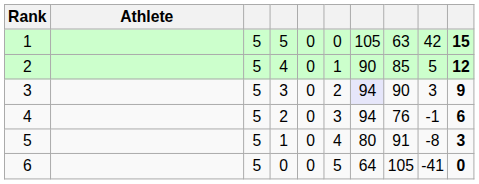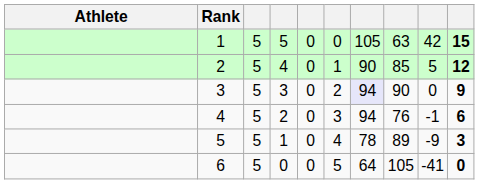 <table class=wikitable style="text-align:center">
 <tr>
+<th width=190>Athlete</th>
 <th width=20>Rank</th>
-<th width=190>Athlete</th>
 <th width=20></th>
 <th width=20></th>
 <th width=20></th>
 <th width=20></th>
 <th width=20></th>
 <th width=20></th>
 <th width=20></th>
 <th width=20></th>
 </tr>
 <tr bgcolor="#ccffcc">
+<td align=left></td>
 <td>1</td>
-<td align=left></td>
 <td>5</td>
 <td>5</td>
 <td>0</td>
 <td>0</td>
 <td>105</td>
 <td>63</td>
 <td>42</td>
 <td><strong>15</strong></td>
 </tr>
 <tr bgcolor="#ccffcc">
+<td align=left></td>
 <td>2</td>
-<td align=left></td>
 <td>5</td>
 <td>4</td>
 <td>0</td>
 <td>1</td>
 <td>90</td>
 <td>85</td>
 <td>5</td>
 <td><strong>12</strong></td>
 </tr>
 <tr>
+<td align=left></td>
 <td>3</td>
-<td align=left></td>
 <td>5</td>
 <td>3</td>
 <td>0</td>
 <td>2</td>
 <td style="background: lavender;">94</td>
 <td>90</td>
-<td>3</td>
+<td>0</td>
 <td><strong>9</strong></td>
 </tr>
 <tr>
+<td align=left></td>
 <td>4</td>
-<td align=left></td>
 <td>5</td>
 <td>2</td>
 <td>0</td>
 <td>3</td>
 <td>94</td>
 <td>76</td>
 <td>-1</td>
 <td><strong>6</strong></td>
 </tr>
 <tr>
+<td align=left></td>
 <td>5</td>
-<td align=left></td>
 <td>5</td>
 <td>1</td>
 <td>0</td>
 <td>4</td>
-<td>80</td>
-<td>91</td>
-<td>-8</td>
+<td>78</td>
+<td>89</td>
+<td>-9</td>
 <td><strong>3</strong></td>
 </tr>
 <tr>
+<td align=left></td>
 <td>6</td>
-<td align=left></td>
 <td>5</td>
 <td>0</td>
 <td>0</td>
 <td>5</td>
 <td>64</td>
 <td>105</td>
 <td>-41</td>
 <td><strong>0</strong></td>
 </tr>
 </table>
